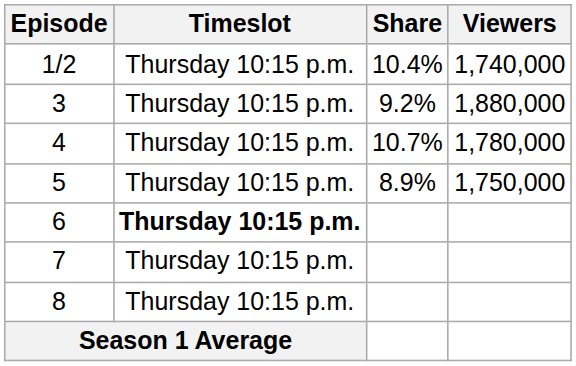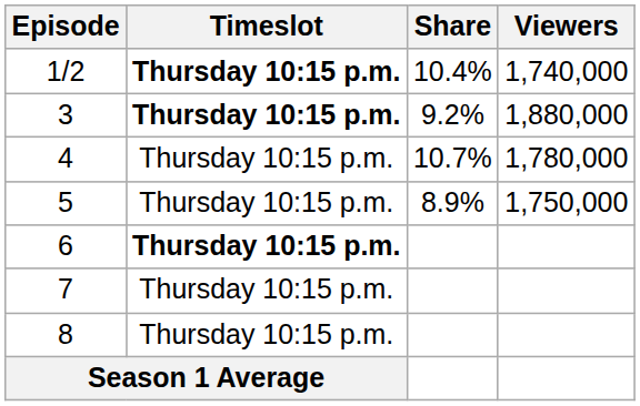 <table class="wikitable" style="text-align:center; background:#fff;">
 <tr>
 <th>Episode</th>
 <th>Timeslot</th>
 <th>Share</th>
 <th>Viewers</th>
 </tr>
 <tr>
 <td>1/2</td>
-<td>Thursday 10:15 p.m.</td>
+<td><strong>Thursday 10:15 p.m.</strong></td>
 <td>10.4%</td>
 <td>1,740,000</td>
 </tr>
 <tr>
 <td>3</td>
-<td>Thursday 10:15 p.m.</td>
+<td><strong>Thursday 10:15 p.m.</strong></td>
 <td>9.2%</td>
 <td>1,880,000</td>
 </tr>
 <tr>
 <td>4</td>
 <td>Thursday 10:15 p.m.</td>
 <td>10.7%</td>
 <td>1,780,000</td>
 </tr>
 <tr>
 <td>5</td>
 <td>Thursday 10:15 p.m.</td>
 <td>8.9%</td>
 <td>1,750,000</td>
 </tr>
 <tr>
 <td>6</td>
 <td><strong>Thursday 10:15 p.m.</strong></td>
 <td></td>
 <td></td>
 </tr>
 <tr>
 <td>7</td>
 <td>Thursday 10:15 p.m.</td>
 <td></td>
 <td></td>
 </tr>
 <tr>
 <td>8</td>
 <td>Thursday 10:15 p.m.</td>
 <td></td>
 <td></td>
 </tr>
 <tr>
 <th colspan=2>Season 1 Average</th>
 <td></td>
 <td></td>
 </tr>
 </table>
